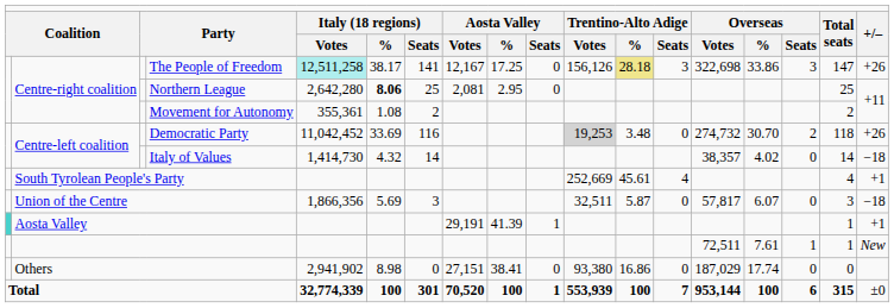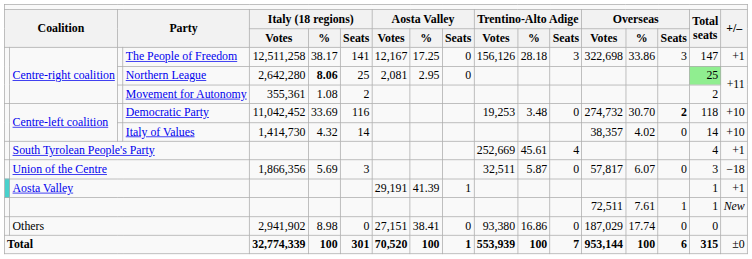 <table class="wikitable" style="text-align:right">
 <tr>
 <td colspan="18"></td>
 </tr>
 <tr>
 <th align=left colspan=2 rowspan=2>Coalition</th>
 <th colspan=2 rowspan=2>Party</th>
 <th colspan="3" align="center" valign=top>Italy (18 regions)</th>
 <th colspan="3" align="center" valign=top>Aosta Valley</th>
 <th colspan="3" align="center" valign=top>Trentino-Alto Adige</th>
 <th colspan="3" align="center" valign=top>Overseas</th>
 <th align=left rowspan=2><strong>Total<br> seats</strong></th>
 <th align=left rowspan=2>+/–</th>
 </tr>
 <tr>
 <th style="background-color:" align="center" valign=bottom>Votes</th>
 <th style="background-color:" align="center" valign=bottom>%</th>
 <th style="background-color:" align="center" valign=bottom>Seats</th>
 <th style="background-color:" align="center" valign=bottom>Votes</th>
 <th style="background-color:" align="center" valign=bottom>%</th>
 <th style="background-color:" align="center" valign=bottom>Seats</th>
 <th style="background-color:" align="center" valign=bottom>Votes</th>
 <th style="background-color:" align="center" valign=bottom>%</th>
 <th style="background-color:" align="center" valign=bottom>Seats</th>
 <th style="background-color:" align="center" valign=bottom>Votes</th>
 <th style="background-color:" align="center" valign=bottom>%</th>
 <th style="background-color:" align="center" valign=bottom>Seats</th>
 </tr>
 <tr>
 <td rowspan="3"></td>
 <td style="text-align:left;" rowspan="3"><a href='#'>Centre-right coalition</a></td>
 <td></td>
 <td align=left><a href='#'>The People of Freedom</a></td>
-<td style="background: paleturquoise;">12,511,258</td>
+<td>12,511,258</td>
 <td>38.17</td>
 <td>141</td>
 <td>12,167</td>
 <td>17.25</td>
 <td>0</td>
 <td>156,126</td>
-<td style="background: khaki;">28.18</td>
+<td>28.18</td>
 <td>3</td>
 <td>322,698</td>
 <td>33.86</td>
 <td>3</td>
 <td>147</td>
-<td><span>+26</span></td>
+<td><span>+1</span></td>
 </tr>
 <tr>
 <td></td>
 <td align=left><a href='#'>Northern League</a></td>
 <td>2,642,280</td>
 <td><strong>8.06</strong></td>
 <td>25</td>
 <td>2,081</td>
 <td>2.95</td>
 <td>0</td>
 <td></td>
 <td></td>
 <td></td>
 <td></td>
 <td></td>
 <td></td>
-<td>25</td>
+<td style="background: lightgreen;">25</td>
 <td rowspan=2><span>+11</span></td>
 </tr>
 <tr>
 <td></td>
 <td align=left><a href='#'>Movement for Autonomy</a></td>
 <td>355,361</td>
 <td>1.08</td>
 <td>2</td>
 <td></td>
 <td></td>
 <td></td>
 <td></td>
 <td></td>
 <td></td>
 <td></td>
 <td></td>
 <td></td>
 <td>2</td>
 </tr>
 <tr>
 <td rowspan="2"></td>
 <td style="text-align:left;" rowspan="2"><a href='#'>Centre-left coalition</a></td>
 <td></td>
 <td align=left><a href='#'>Democratic Party</a></td>
 <td>11,042,452</td>
 <td>33.69</td>
 <td>116</td>
 <td></td>
 <td></td>
 <td></td>
-<td style="background: lightgrey;">19,253</td>
+<td>19,253</td>
 <td>3.48</td>
 <td>0</td>
 <td>274,732</td>
 <td>30.70</td>
-<td>2</td>
+<td><strong>2</strong></td>
 <td>118</td>
-<td><span>+26</span></td>
+<td><span>+10</span></td>
 </tr>
 <tr>
 <td></td>
 <td align=left><a href='#'>Italy of Values</a></td>
 <td>1,414,730</td>
 <td>4.32</td>
 <td>14</td>
 <td></td>
 <td></td>
 <td></td>
 <td></td>
 <td></td>
 <td></td>
 <td>38,357</td>
 <td>4.02</td>
 <td>0</td>
 <td>14</td>
-<td><span>−18</span></td>
+<td><span>+10</span></td>
 </tr>
 <tr>
 <td></td>
 <td colspan="3" align=left><a href='#'>South Tyrolean People's Party</a></td>
 <td></td>
 <td></td>
 <td></td>
 <td></td>
 <td></td>
 <td></td>
 <td>252,669</td>
 <td>45.61</td>
 <td>4</td>
 <td></td>
 <td></td>
 <td></td>
 <td>4</td>
 <td><span>+1</span></td>
 </tr>
 <tr>
 <td></td>
 <td colspan="3" align=left><a href='#'>Union of the Centre</a></td>
 <td>1,866,356</td>
 <td>5.69</td>
 <td>3</td>
 <td></td>
 <td></td>
 <td></td>
 <td>32,511</td>
 <td>5.87</td>
 <td>0</td>
 <td>57,817</td>
 <td>6.07</td>
 <td>0</td>
 <td>3</td>
 <td><span>−18</span></td>
 </tr>
 <tr>
 <td bgcolor="#48D1CC"></td>
 <td colspan="3" align=left><a href='#'>Aosta Valley</a></td>
 <td></td>
 <td></td>
 <td></td>
 <td>29,191</td>
 <td>41.39</td>
 <td>1</td>
 <td></td>
 <td></td>
 <td></td>
 <td></td>
 <td></td>
 <td></td>
 <td>1</td>
 <td><span>+1</span></td>
 </tr>
 <tr>
 <td></td>
 <td colspan="3" align=left></td>
 <td></td>
 <td></td>
 <td></td>
 <td></td>
 <td></td>
 <td></td>
 <td></td>
 <td></td>
 <td></td>
 <td>72,511</td>
 <td>7.61</td>
 <td>1</td>
 <td>1</td>
 <td><em>New</em></td>
 </tr>
 <tr>
 <td></td>
 <td colspan="3" align=left>Others</td>
 <td>2,941,902</td>
 <td>8.98</td>
 <td>0</td>
 <td>27,151</td>
 <td>38.41</td>
 <td>0</td>
 <td>93,380</td>
 <td>16.86</td>
 <td>0</td>
 <td>187,029</td>
 <td>17.74</td>
 <td>0</td>
 <td>0</td>
 <td></td>
 </tr>
 <tr>
 <td colspan=4 align=left><strong>Total</strong></td>
 <td><strong>32,774,339</strong></td>
 <td><strong>100</strong></td>
 <td><strong>301</strong></td>
 <td><strong>70,520</strong></td>
 <td><strong>100</strong></td>
 <td><strong>1</strong></td>
 <td><strong>553,939</strong></td>
 <td><strong>100</strong></td>
 <td><strong>7</strong></td>
 <td><strong>953,144</strong></td>
 <td><strong>100</strong></td>
 <td><strong>6</strong></td>
 <td><strong>315</strong></td>
 <td><span>±0</span></td>
 </tr>
 </table>
